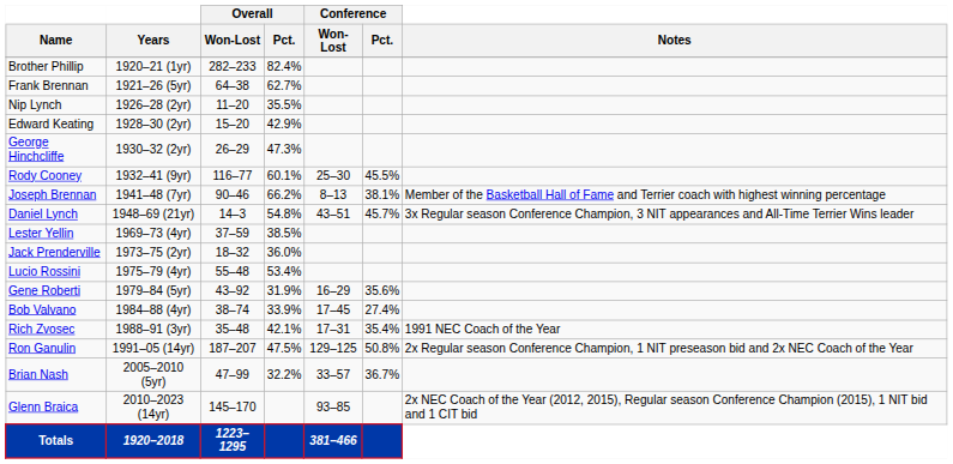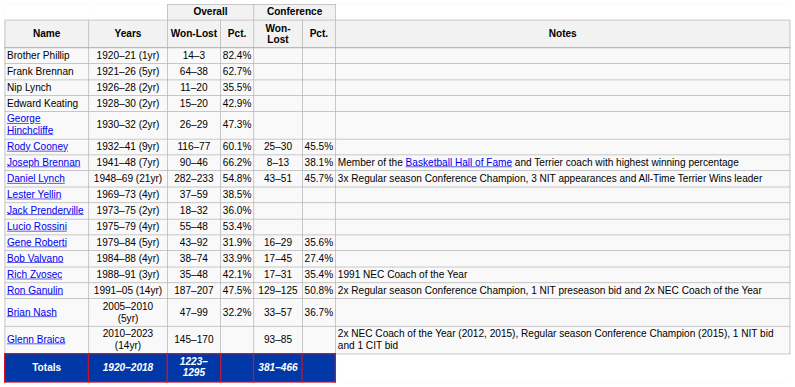 <table class="wikitable">
 <tr>
 <th colspan=1 style="background:white; border-top-style:hidden; border-left-style:hidden;"></th>
 <th colspan=1 style="background:white; border-top-style:hidden; border-left-style:hidden;"></th>
 <th colspan="2">Overall</th>
 <th colspan="2">Conference</th>
 <th colspan=1 style="background:white; border-top-style:hidden; border-right-style:hidden;"></th>
 </tr>
 <tr>
 <th>Name</th>
 <th>Years</th>
 <th>Won-Lost</th>
 <th>Pct.</th>
 <th>Won-Lost</th>
 <th>Pct.</th>
 <th>Notes</th>
 </tr>
 <tr>
 </tr>
 <tr>
 <td>Brother Phillip</td>
 <td align="center">1920–21 (1yr)</td>
-<td align="center">282–233</td>
+<td align="center">14–3</td>
 <td align="center">82.4%</td>
 <td></td>
 <td></td>
 <td></td>
 </tr>
 <tr>
 <td>Frank Brennan</td>
 <td align="center">1921–26 (5yr)</td>
 <td align="center">64–38</td>
 <td align="center">62.7%</td>
 <td></td>
 <td></td>
 <td></td>
 </tr>
 <tr>
 <td>Nip Lynch</td>
 <td align="center">1926–28 (2yr)</td>
 <td align="center">11–20</td>
 <td align="center">35.5%</td>
 <td></td>
 <td></td>
 <td></td>
 </tr>
 <tr>
 <td>Edward Keating</td>
 <td align="center">1928–30 (2yr)</td>
 <td align="center">15–20</td>
 <td align="center">42.9%</td>
 <td></td>
 <td></td>
 <td></td>
 </tr>
 <tr>
 <td><a href='#'>George Hinchcliffe</a></td>
 <td align="center">1930–32 (2yr)</td>
 <td align="center">26–29</td>
 <td align="center">47.3%</td>
 <td></td>
 <td></td>
 <td></td>
 </tr>
 <tr>
 <td><a href='#'>Rody Cooney</a></td>
 <td align="center">1932–41 (9yr)</td>
 <td align="center">116–77</td>
 <td align="center">60.1%</td>
 <td align="center">25–30</td>
 <td align="center">45.5%</td>
 <td></td>
 </tr>
 <tr>
 <td><a href='#'>Joseph Brennan</a></td>
 <td align="center">1941–48 (7yr)</td>
 <td align="center">90–46</td>
 <td align="center">66.2%</td>
 <td align="center">8–13</td>
 <td align="center">38.1%</td>
 <td>Member of the <a href='#'>Basketball Hall of Fame</a> and Terrier coach with highest winning percentage</td>
 </tr>
 <tr>
 <td><a href='#'>Daniel Lynch</a></td>
 <td align="center">1948–69 (21yr)</td>
-<td align="center">14–3</td>
+<td align="center">282–233</td>
 <td align="center">54.8%</td>
 <td align="center">43–51</td>
 <td align="center">45.7%</td>
 <td>3x Regular season Conference Champion, 3 NIT appearances and All-Time Terrier Wins leader</td>
 </tr>
 <tr>
 <td><a href='#'>Lester Yellin</a></td>
 <td align="center">1969–73 (4yr)</td>
 <td align="center">37–59</td>
 <td align="center">38.5%</td>
 <td></td>
 <td></td>
 <td></td>
 </tr>
 <tr>
 <td><a href='#'>Jack Prenderville</a></td>
 <td align="center">1973–75 (2yr)</td>
 <td align="center">18–32</td>
 <td align="center">36.0%</td>
 <td align="center"></td>
 <td align="center"></td>
 <td></td>
 </tr>
 <tr>
 <td><a href='#'>Lucio Rossini</a></td>
 <td align="center">1975–79 (4yr)</td>
 <td align="center">55–48</td>
 <td align="center">53.4%</td>
 <td align="center"></td>
 <td align="center"></td>
 <td></td>
 </tr>
 <tr>
 <td><a href='#'>Gene Roberti</a></td>
 <td align="center">1979–84 (5yr)</td>
 <td align="center">43–92</td>
 <td align="center">31.9%</td>
 <td align="center">16–29</td>
 <td align="center">35.6%</td>
 <td></td>
 </tr>
 <tr>
 <td><a href='#'>Bob Valvano</a></td>
 <td align="center">1984–88 (4yr)</td>
 <td align="center">38–74</td>
 <td align="center">33.9%</td>
 <td align="center">17–45</td>
 <td align="center">27.4%</td>
 <td></td>
 </tr>
 <tr>
 <td><a href='#'>Rich Zvosec</a></td>
 <td align="center">1988–91 (3yr)</td>
 <td align="center">35–48</td>
 <td align="center">42.1%</td>
 <td align="center">17–31</td>
 <td align="center">35.4%</td>
 <td>1991 NEC Coach of the Year</td>
 </tr>
 <tr>
 <td><a href='#'>Ron Ganulin</a></td>
 <td align="center">1991–05 (14yr)</td>
 <td align="center">187–207</td>
 <td align="center">47.5%</td>
 <td align="center">129–125</td>
 <td align="center">50.8%</td>
 <td>2x Regular season Conference Champion, 1 NIT preseason bid and 2x NEC Coach of the Year</td>
 </tr>
 <tr>
 <td><a href='#'>Brian Nash</a></td>
 <td align="center">2005–2010 (5yr)</td>
 <td align="center">47–99</td>
 <td align="center">32.2%</td>
 <td align="center">33–57</td>
 <td align="center">36.7%</td>
 <td></td>
 </tr>
 <tr>
 <td><a href='#'>Glenn Braica</a></td>
 <td align="center">2010–2023 (14yr)</td>
 <td align="center">145–170</td>
 <td align="center"></td>
 <td align="center">93–85</td>
 <td align="center"></td>
 <td>2x NEC Coach of the Year (2012, 2015), Regular season Conference Champion (2015), 1 NIT bid and 1 CIT bid</td>
 </tr>
 <tr>
 <th style="background:#0038A8; border: 2px solid #CE1126;;color:#FFFFFF;"><strong>Totals</strong></th>
 <th style="background:#0038A8; border: 2px solid #CE1126;;color:#FFFFFF;"><em>1920–2018</em></th>
 <th style="background:#0038A8; border: 2px solid #CE1126;;color:#FFFFFF;"><em>1223–1295</em></th>
 <th style="background:#0038A8; border: 2px solid #CE1126;;color:#FFFFFF;"><em></em></th>
 <th style="background:#0038A8; border: 2px solid #CE1126;;color:#FFFFFF;"><em>381–466</em></th>
 <th style="background:#0038A8; border: 2px solid #CE1126;;color:#FFFFFF;"><em></em></th>
 <td colspan=1 style="background:white; border-bottom-style:hidden; border-right-style:hidden;"></td>
 </tr>
 </table>
